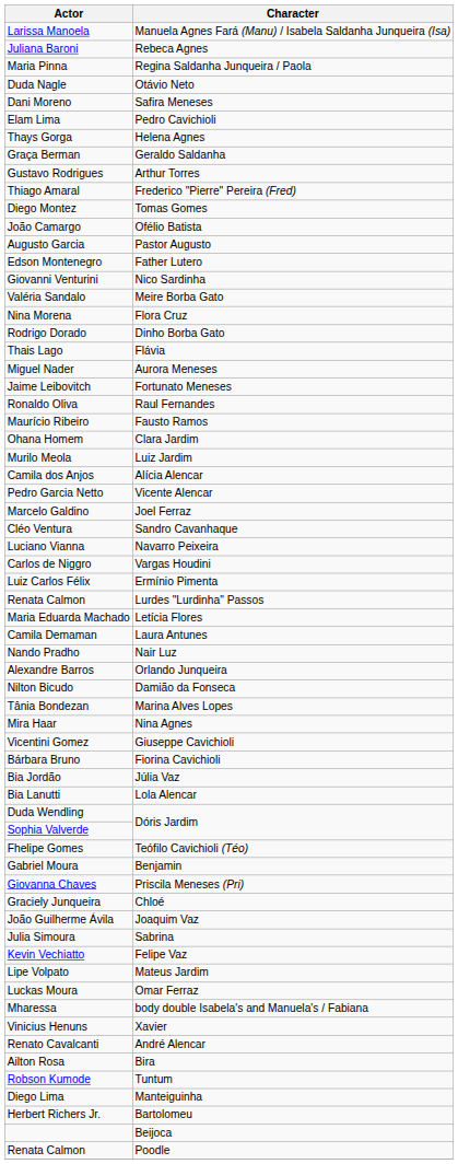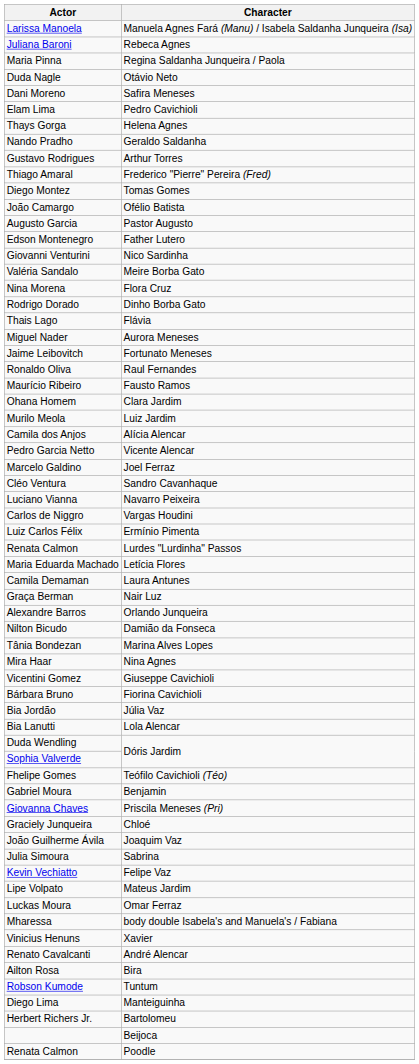 <table class="wikitable">
 <tr>
 <th>Actor</th>
 <th>Character</th>
 </tr>
 <tr>
 <td><a href='#'>Larissa Manoela</a></td>
 <td>Manuela Agnes Fará <em>(Manu)</em> / Isabela Saldanha Junqueira <em>(Isa)</em></td>
 </tr>
 <tr>
 <td><a href='#'>Juliana Baroni</a></td>
 <td>Rebeca Agnes</td>
 </tr>
 <tr>
 <td>Maria Pinna</td>
 <td>Regina Saldanha Junqueira / Paola</td>
 </tr>
 <tr>
 <td>Duda Nagle</td>
 <td>Otávio Neto</td>
 </tr>
 <tr>
 <td>Dani Moreno</td>
 <td>Safira Meneses</td>
 </tr>
 <tr>
 <td>Elam Lima</td>
 <td>Pedro Cavichioli</td>
 </tr>
 <tr>
 <td>Thays Gorga</td>
 <td>Helena Agnes</td>
 </tr>
 <tr>
-<td>Graça Berman</td>
+<td>Nando Pradho</td>
 <td>Geraldo Saldanha</td>
 </tr>
 <tr>
 <td>Gustavo Rodrigues</td>
 <td>Arthur Torres</td>
 </tr>
 <tr>
 <td>Thiago Amaral</td>
 <td>Frederico "Pierre" Pereira <em>(Fred)</em></td>
 </tr>
 <tr>
 <td>Diego Montez</td>
 <td>Tomas Gomes</td>
 </tr>
 <tr>
 <td>João Camargo</td>
 <td>Ofélio Batista</td>
 </tr>
 <tr>
 <td>Augusto Garcia</td>
 <td>Pastor Augusto</td>
 </tr>
 <tr>
 <td>Edson Montenegro</td>
 <td>Father Lutero</td>
 </tr>
 <tr>
 <td>Giovanni Venturini</td>
 <td>Nico Sardinha</td>
 </tr>
 <tr>
 <td>Valéria Sandalo</td>
 <td>Meire Borba Gato</td>
 </tr>
 <tr>
 <td>Nina Morena</td>
 <td>Flora Cruz</td>
 </tr>
 <tr>
 <td>Rodrigo Dorado</td>
 <td>Dinho Borba Gato</td>
 </tr>
 <tr>
 <td>Thais Lago</td>
 <td>Flávia</td>
 </tr>
 <tr>
 <td>Miguel Nader</td>
 <td>Aurora Meneses</td>
 </tr>
 <tr>
 <td>Jaime Leibovitch</td>
 <td>Fortunato Meneses</td>
 </tr>
 <tr>
 <td>Ronaldo Oliva</td>
 <td>Raul Fernandes</td>
 </tr>
 <tr>
 <td>Maurício Ribeiro</td>
 <td>Fausto Ramos</td>
 </tr>
 <tr>
 <td>Ohana Homem</td>
 <td>Clara Jardim</td>
 </tr>
 <tr>
 <td>Murilo Meola</td>
 <td>Luiz Jardim</td>
 </tr>
 <tr>
 <td>Camila dos Anjos</td>
 <td>Alícia Alencar</td>
 </tr>
 <tr>
 <td>Pedro Garcia Netto</td>
 <td>Vicente Alencar</td>
 </tr>
 <tr>
 <td>Marcelo Galdino</td>
 <td>Joel Ferraz</td>
 </tr>
 <tr>
 <td>Cléo Ventura</td>
 <td>Sandro Cavanhaque</td>
 </tr>
 <tr>
 <td>Luciano Vianna</td>
 <td>Navarro Peixeira</td>
 </tr>
 <tr>
 <td>Carlos de Niggro</td>
 <td>Vargas Houdini</td>
 </tr>
 <tr>
 <td>Luiz Carlos Félix</td>
 <td>Ermínio Pimenta</td>
 </tr>
 <tr>
 <td>Renata Calmon</td>
 <td>Lurdes "Lurdinha" Passos</td>
 </tr>
 <tr>
 <td>Maria Eduarda Machado</td>
 <td>Letícia Flores</td>
 </tr>
 <tr>
 <td>Camila Demaman</td>
 <td>Laura Antunes</td>
 </tr>
 <tr>
-<td>Nando Pradho</td>
+<td>Graça Berman</td>
 <td>Nair Luz</td>
 </tr>
 <tr>
 <td>Alexandre Barros</td>
 <td>Orlando Junqueira</td>
 </tr>
 <tr>
 <td>Nilton Bicudo</td>
 <td>Damião da Fonseca</td>
 </tr>
 <tr>
 <td>Tânia Bondezan</td>
 <td>Marina Alves Lopes</td>
 </tr>
 <tr>
 <td>Mira Haar</td>
 <td>Nina Agnes</td>
 </tr>
 <tr>
 <td>Vicentini Gomez</td>
 <td>Giuseppe Cavichioli</td>
 </tr>
 <tr>
 <td>Bárbara Bruno</td>
 <td>Fiorina Cavichioli</td>
 </tr>
 <tr>
 <td>Bia Jordão</td>
 <td>Júlia Vaz</td>
 </tr>
 <tr>
 <td>Bia Lanutti</td>
 <td>Lola Alencar</td>
 </tr>
 <tr>
 <td>Duda Wendling</td>
 <td rowspan="2">Dóris Jardim</td>
 </tr>
 <tr>
 <td><a href='#'>Sophia Valverde</a></td>
 </tr>
 <tr>
 <td>Fhelipe Gomes</td>
 <td>Teófilo Cavichioli <em>(Téo)</em></td>
 </tr>
 <tr>
 <td>Gabriel Moura</td>
 <td>Benjamin</td>
 </tr>
 <tr>
 <td><a href='#'>Giovanna Chaves</a></td>
 <td>Priscila Meneses <em>(Pri)</em></td>
 </tr>
 <tr>
 <td>Graciely Junqueira</td>
 <td>Chloé</td>
 </tr>
 <tr>
 <td>João Guilherme Ávila</td>
 <td>Joaquim Vaz</td>
 </tr>
 <tr>
 <td>Julia Simoura</td>
 <td>Sabrina</td>
 </tr>
 <tr>
 <td><a href='#'>Kevin Vechiatto</a></td>
 <td>Felipe Vaz</td>
 </tr>
 <tr>
 <td>Lipe Volpato</td>
 <td>Mateus Jardim</td>
 </tr>
 <tr>
 <td>Luckas Moura</td>
 <td>Omar Ferraz</td>
 </tr>
 <tr>
 <td>Mharessa</td>
 <td>body double Isabela's and Manuela's / Fabiana</td>
 </tr>
 <tr>
 <td>Vinicius Henuns</td>
 <td>Xavier</td>
 </tr>
 <tr>
 <td>Renato Cavalcanti</td>
 <td>André Alencar</td>
 </tr>
 <tr>
 <td>Ailton Rosa</td>
 <td>Bira</td>
 </tr>
 <tr>
 <td><a href='#'>Robson Kumode</a></td>
 <td>Tuntum</td>
 </tr>
 <tr>
 <td>Diego Lima</td>
 <td>Manteiguinha</td>
 </tr>
 <tr>
 <td>Herbert Richers Jr.</td>
 <td>Bartolomeu</td>
 </tr>
 <tr>
 <td></td>
 <td>Beijoca</td>
 </tr>
 <tr>
 <td>Renata Calmon</td>
 <td>Poodle</td>
 </tr>
 <tr>
 </tr>
 </table>
